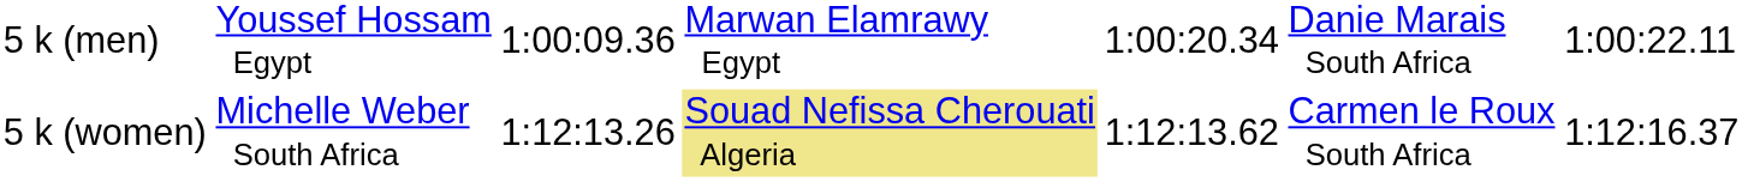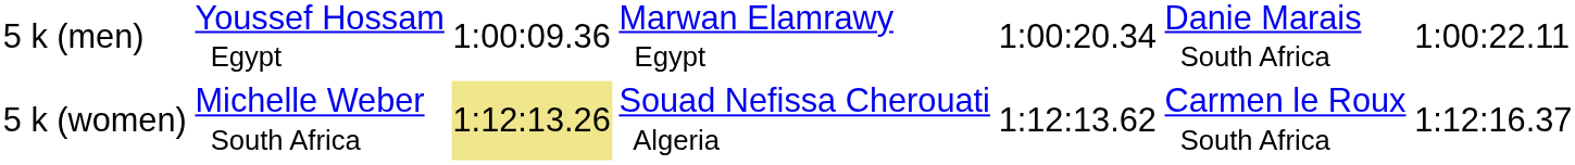 <table>
 <tr>
 <td>5 k (men)</td>
 <td><a href='#'>Youssef Hossam</a> <small><br>    Egypt </small></td>
 <td>1:00:09.36</td>
 <td><a href='#'>Marwan Elamrawy</a> <small><br>    Egypt </small></td>
 <td>1:00:20.34</td>
 <td><a href='#'>Danie Marais</a> <small><br>    South Africa </small></td>
 <td>1:00:22.11</td>
 </tr>
 <tr>
 <td>5 k (women)</td>
 <td><a href='#'>Michelle Weber</a> <small><br>    South Africa </small></td>
-<td>1:12:13.26</td>
-<td style="background: khaki;"><a href='#'>Souad Nefissa Cherouati</a> <small><br>    Algeria </small></td>
+<td style="background: khaki;">1:12:13.26</td>
+<td><a href='#'>Souad Nefissa Cherouati</a> <small><br>    Algeria </small></td>
 <td>1:12:13.62</td>
 <td><a href='#'>Carmen le Roux</a> <small><br>    South Africa </small></td>
 <td>1:12:16.37</td>
 </tr>
 <tr>
 </tr>
 </table>
